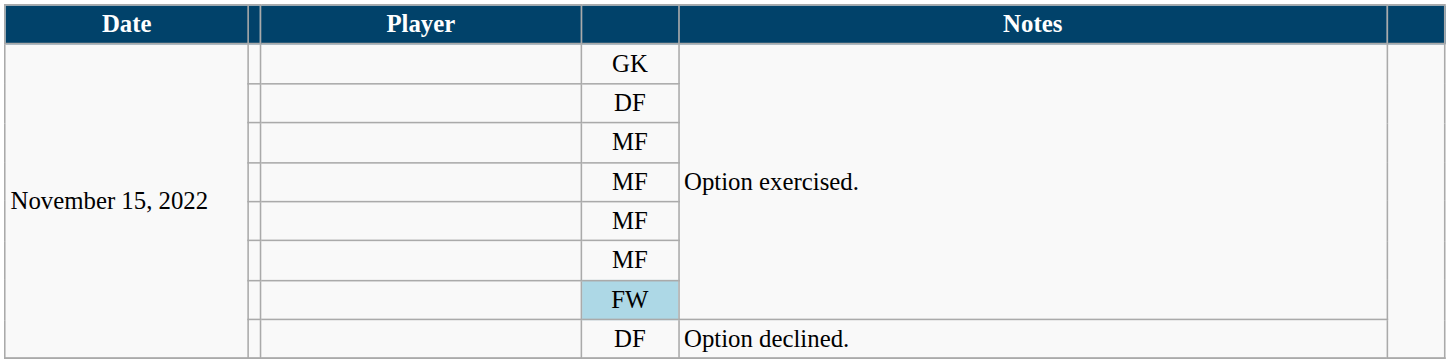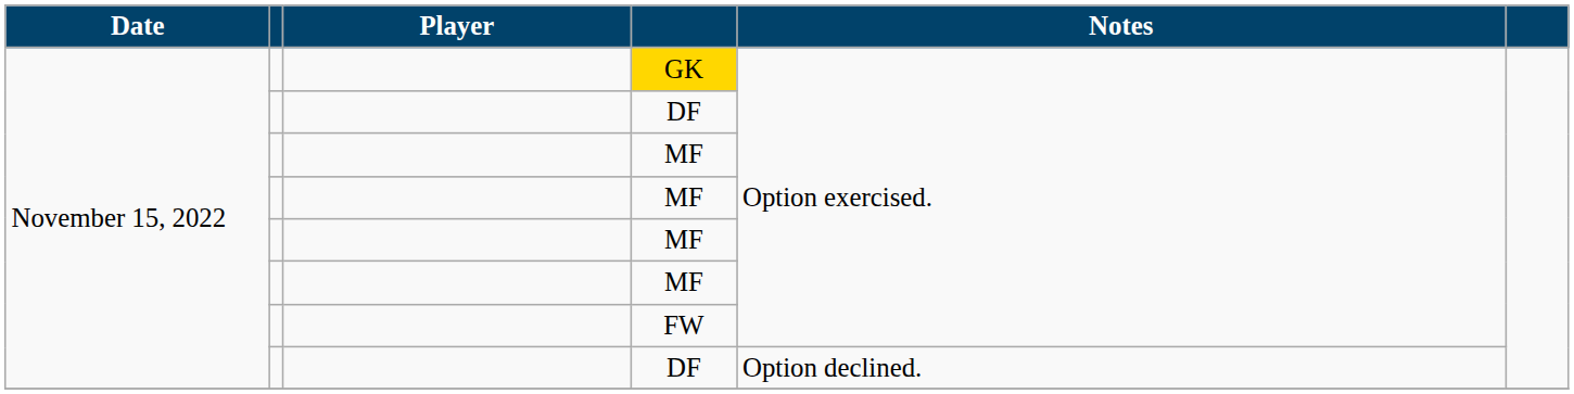 <table class="wikitable sortable" style="text-align:left;">
 <tr>
 <th style="background:#01426A; color:#fff; width:150px;" data-sort-type="date">Date</th>
 <th style="background:#01426A; color:#fff;"></th>
 <th style="background:#01426A; color:#fff; width:200px;">Player</th>
 <th style="background:#01426A; color:#fff; width:55px;"></th>
 <th style="background:#01426A; color:#fff; width:450px;">Notes</th>
 <th style="background:#01426A; color:#fff; width:30px;"></th>
 </tr>
 <tr>
 <td rowspan="8">November 15, 2022</td>
 <td></td>
 <td></td>
-<td align="center">GK</td>
+<td align="center" style="background: gold;">GK</td>
 <td rowspan="7">Option exercised.</td>
 <td rowspan="8"></td>
 </tr>
 <tr>
 <td></td>
 <td></td>
 <td align="center">DF</td>
 </tr>
 <tr>
 <td></td>
 <td></td>
 <td align="center">MF</td>
 </tr>
 <tr>
 <td></td>
 <td></td>
 <td align="center">MF</td>
 </tr>
 <tr>
 <td></td>
 <td></td>
 <td align="center">MF</td>
 </tr>
 <tr>
 <td></td>
 <td></td>
 <td align="center">MF</td>
 </tr>
 <tr>
 <td></td>
 <td></td>
-<td align="center" style="background: lightblue;">FW</td>
+<td align="center">FW</td>
 </tr>
 <tr>
 <td></td>
 <td></td>
 <td align="center">DF</td>
 <td>Option declined.</td>
 </tr>
 <tr>
 </tr>
 </table>
